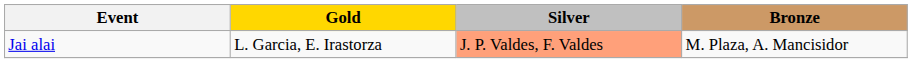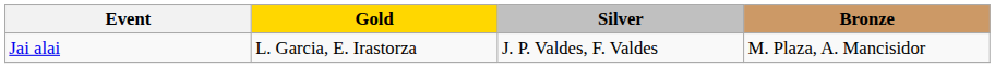 <table class="wikitable" style="max-width: 23cm; width: 100%">
 <tr>
 <th scope="col">Event</th>
 <th scope="col" style="background-color:gold; width:25%">Gold</th>
 <th scope="col" style="background-color:silver; width:25%; width:25%">Silver</th>
 <th scope="col" style="background-color:#cc9966; width:25%">Bronze</th>
 </tr>
 <tr>
 <td><a href='#'>Jai alai</a></td>
 <td> L. Garcia, E. Irastorza</td>
-<td style="background: lightsalmon;"> J. P. Valdes, F. Valdes</td>
+<td> J. P. Valdes, F. Valdes</td>
 <td> M. Plaza, A. Mancisidor</td>
 </tr>
 <tr>
 </tr>
 </table>
